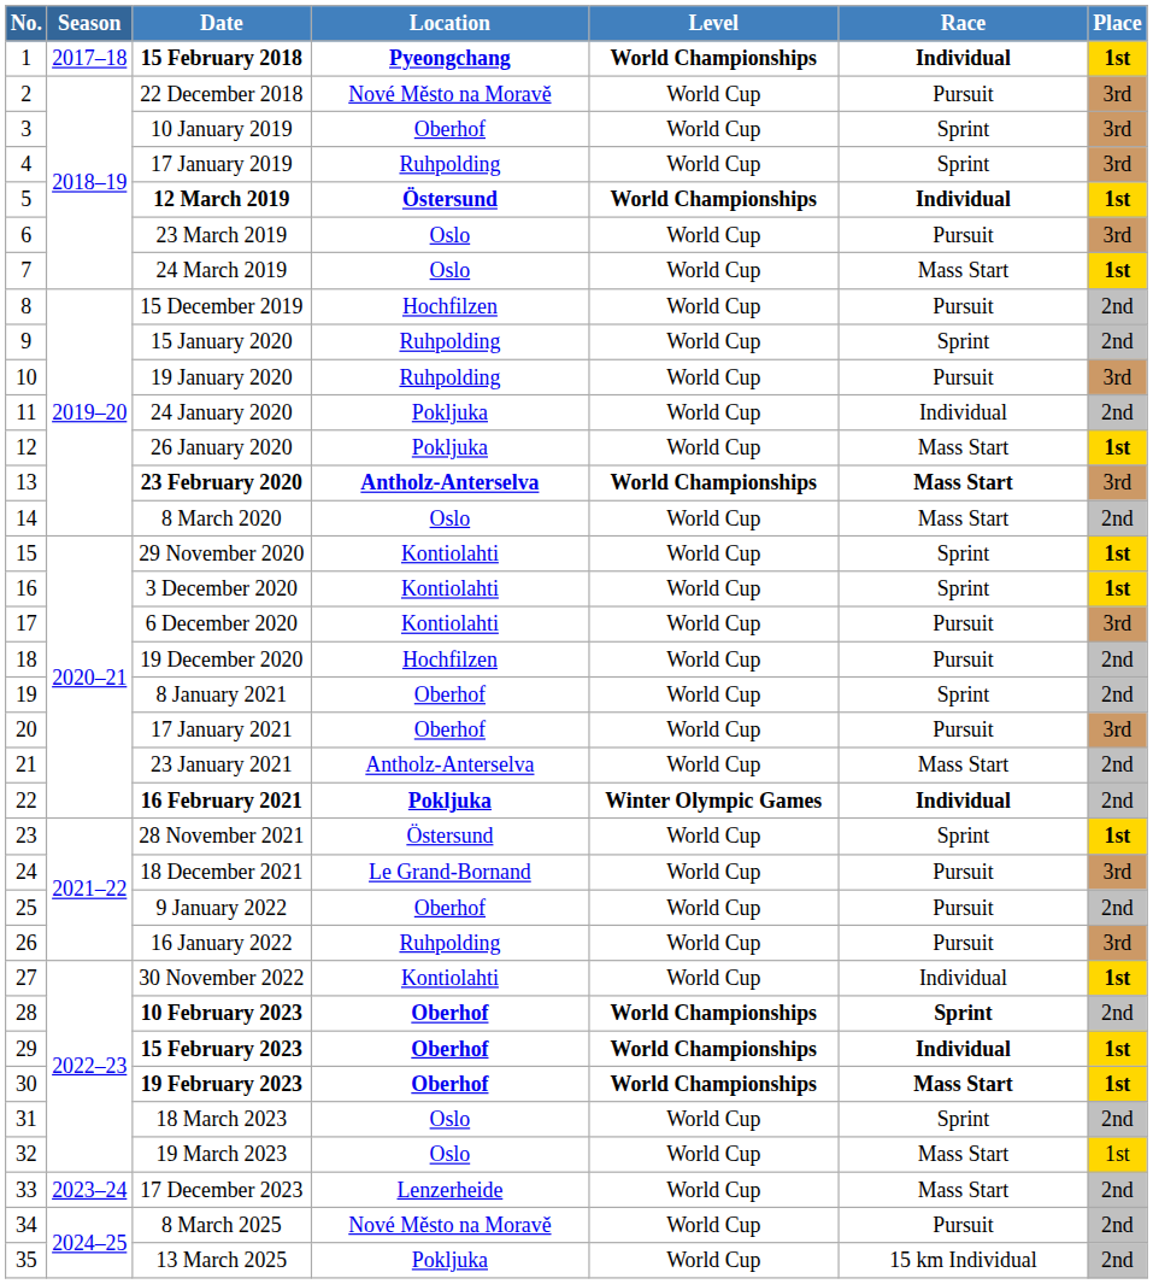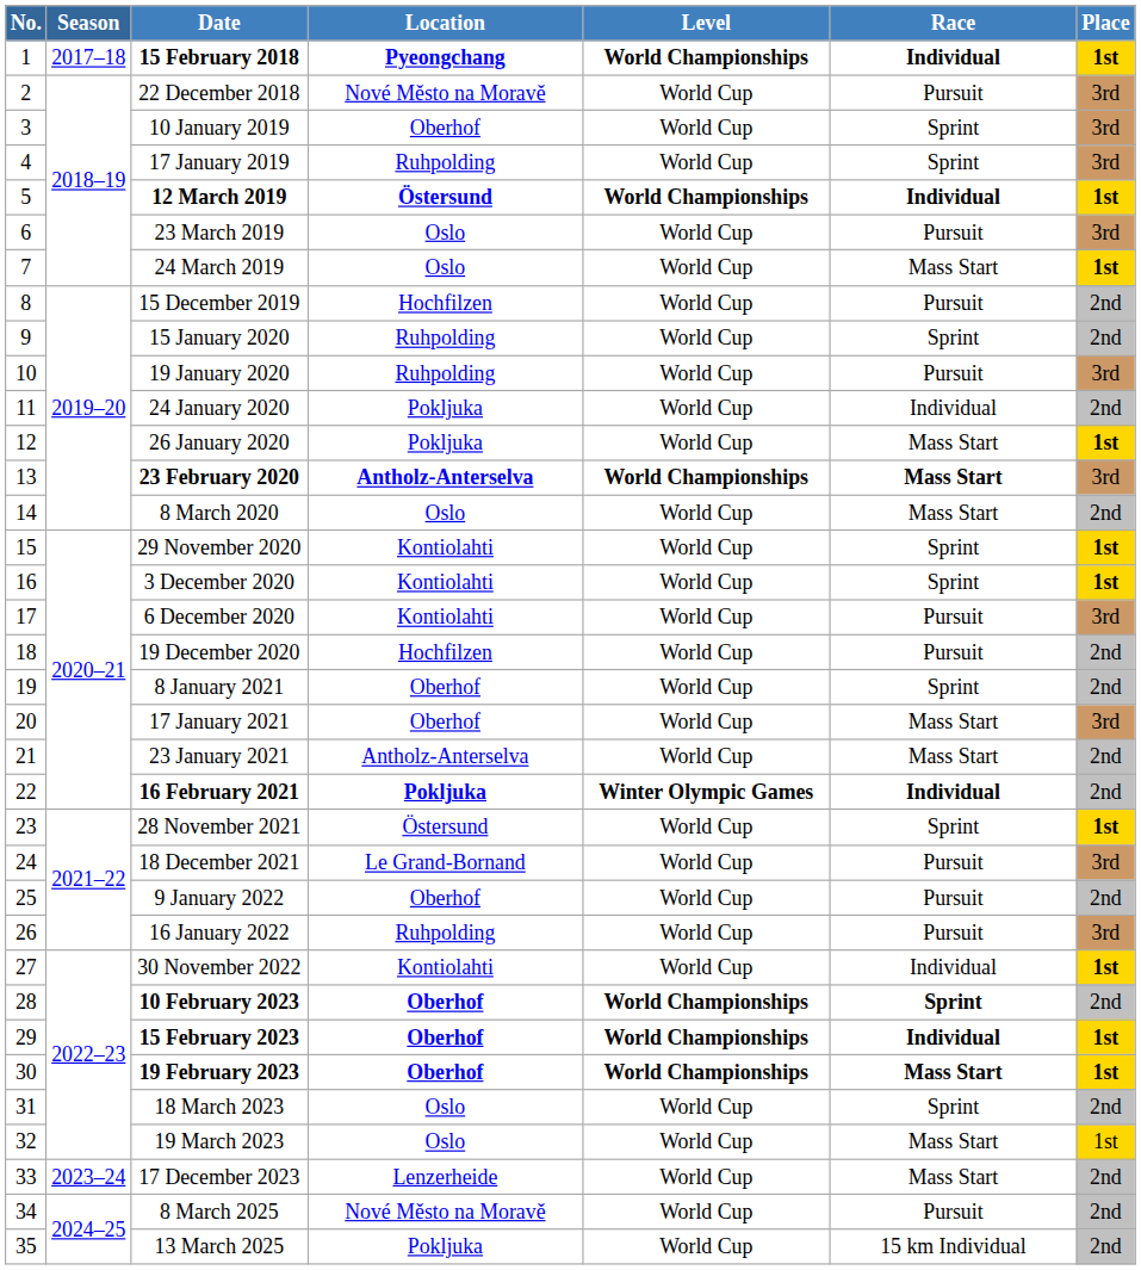 <table class="wikitable sortable" style="font-size:95%; text-align:center; border:grey solid 1px; border-collapse:collapse; background:#ffffff;">
 <tr style="background:#efefef;">
 <th style="background-color:#369; color:white;">No.</th>
 <th style="background-color:#369; color:white;">Season</th>
 <th style="background-color:#4180be; color:white; width:120px;">Date</th>
 <th style="background-color:#4180be; color:white; width:190px;">Location</th>
 <th style="background-color:#4180be; color:white; width:170px;">Level</th>
 <th style="background-color:#4180be; color:white; width:170px;">Race</th>
 <th style="background-color:#4180be; color:white;">Place</th>
 </tr>
 <tr>
 <td align=center>1</td>
 <td rowspan="1" align="center"><a href='#'>2017–18</a></td>
 <td><strong>15 February 2018</strong></td>
 <td> <strong><a href='#'>Pyeongchang</a></strong></td>
 <td><strong>World Championships</strong></td>
 <td><strong>Individual</strong></td>
 <td align=center bgcolor="gold"><strong>1st</strong></td>
 </tr>
 <tr>
 <td align=center>2</td>
 <td rowspan="6" align="center"><a href='#'>2018–19</a></td>
 <td>22 December 2018</td>
 <td> <a href='#'>Nové Město na Moravě</a></td>
 <td>World Cup</td>
 <td>Pursuit</td>
 <td align=center bgcolor="cc9966">3rd</td>
 </tr>
 <tr>
 <td align=center>3</td>
 <td>10 January 2019</td>
 <td> <a href='#'>Oberhof</a></td>
 <td>World Cup</td>
 <td>Sprint</td>
 <td align=center bgcolor="cc9966">3rd</td>
 </tr>
 <tr>
 <td align=center>4</td>
 <td>17 January 2019</td>
 <td> <a href='#'>Ruhpolding</a></td>
 <td>World Cup</td>
 <td>Sprint</td>
 <td align=center bgcolor="cc9966">3rd</td>
 </tr>
 <tr>
 <td align=center>5</td>
 <td><strong>12 March 2019</strong></td>
 <td> <strong><a href='#'>Östersund</a></strong></td>
 <td><strong>World Championships</strong></td>
 <td><strong>Individual</strong></td>
 <td align=center bgcolor="gold"><strong>1st</strong></td>
 </tr>
 <tr>
 <td align=center>6</td>
 <td>23 March 2019</td>
 <td> <a href='#'>Oslo</a></td>
 <td>World Cup</td>
 <td>Pursuit</td>
 <td align=center bgcolor="cc9966">3rd</td>
 </tr>
 <tr>
 <td align=center>7</td>
 <td>24 March 2019</td>
 <td> <a href='#'>Oslo</a></td>
 <td>World Cup</td>
 <td>Mass Start</td>
 <td align=center bgcolor="gold"><strong>1st</strong></td>
 </tr>
 <tr>
 <td align=center>8</td>
 <td rowspan="7" align="center"><a href='#'>2019–20</a></td>
 <td>15 December 2019</td>
 <td> <a href='#'>Hochfilzen</a></td>
 <td>World Cup</td>
 <td>Pursuit</td>
 <td align=center bgcolor="silver">2nd</td>
 </tr>
 <tr>
 <td align=center>9</td>
 <td>15 January 2020</td>
 <td> <a href='#'>Ruhpolding</a></td>
 <td>World Cup</td>
 <td>Sprint</td>
 <td align=center bgcolor="silver">2nd</td>
 </tr>
 <tr>
 <td align=center>10</td>
 <td>19 January 2020</td>
 <td> <a href='#'>Ruhpolding</a></td>
 <td>World Cup</td>
 <td>Pursuit</td>
 <td align=center bgcolor="cc9966">3rd</td>
 </tr>
 <tr>
 <td align=center>11</td>
 <td>24 January 2020</td>
 <td> <a href='#'>Pokljuka</a></td>
 <td>World Cup</td>
 <td>Individual</td>
 <td align=center bgcolor="silver">2nd</td>
 </tr>
 <tr>
 <td align=center>12</td>
 <td>26 January 2020</td>
 <td> <a href='#'>Pokljuka</a></td>
 <td>World Cup</td>
 <td>Mass Start</td>
 <td align=center bgcolor="gold"><strong>1st</strong></td>
 </tr>
 <tr>
 <td align=center>13</td>
 <td><strong>23 February 2020</strong></td>
 <td> <strong><a href='#'>Antholz-Anterselva</a></strong></td>
 <td><strong>World Championships</strong></td>
 <td><strong>Mass Start</strong></td>
 <td align=center bgcolor="cc9966">3rd</td>
 </tr>
 <tr>
 <td align=center>14</td>
 <td>8 March 2020</td>
 <td> <a href='#'>Oslo</a></td>
 <td>World Cup</td>
 <td>Mass Start</td>
 <td align=center bgcolor="silver">2nd</td>
 </tr>
 <tr>
 <td align=center>15</td>
 <td rowspan="8" align="center"><a href='#'>2020–21</a></td>
 <td>29 November 2020</td>
 <td> <a href='#'>Kontiolahti</a></td>
 <td>World Cup</td>
 <td>Sprint</td>
 <td align=center bgcolor="gold"><strong>1st</strong></td>
 </tr>
 <tr>
 <td align=center>16</td>
 <td>3 December 2020</td>
 <td> <a href='#'>Kontiolahti</a></td>
 <td>World Cup</td>
 <td>Sprint</td>
 <td align=center bgcolor="gold"><strong>1st</strong></td>
 </tr>
 <tr>
 <td align=center>17</td>
 <td>6 December 2020</td>
 <td> <a href='#'>Kontiolahti</a></td>
 <td>World Cup</td>
 <td>Pursuit</td>
 <td align=center bgcolor="cc9966">3rd</td>
 </tr>
 <tr>
 <td align=center>18</td>
 <td>19 December 2020</td>
 <td> <a href='#'>Hochfilzen</a></td>
 <td>World Cup</td>
 <td>Pursuit</td>
 <td align=center bgcolor="silver">2nd</td>
 </tr>
 <tr>
 <td align=center>19</td>
 <td>8 January 2021</td>
 <td> <a href='#'>Oberhof</a></td>
 <td>World Cup</td>
 <td>Sprint</td>
 <td align=center bgcolor="silver">2nd</td>
 </tr>
 <tr>
 <td align=center>20</td>
 <td>17 January 2021</td>
 <td> <a href='#'>Oberhof</a></td>
 <td>World Cup</td>
-<td>Pursuit</td>
+<td>Mass Start</td>
 <td align=center bgcolor="cc9966">3rd</td>
 </tr>
 <tr>
 <td align=center>21</td>
 <td>23 January 2021</td>
 <td> <a href='#'>Antholz-Anterselva</a></td>
 <td>World Cup</td>
 <td>Mass Start</td>
 <td align=center bgcolor="silver">2nd</td>
 </tr>
 <tr>
 <td align=center>22</td>
 <td><strong>16 February 2021</strong></td>
 <td> <strong><a href='#'>Pokljuka</a></strong></td>
 <td><strong>Winter Olympic Games</strong></td>
 <td><strong>Individual</strong></td>
 <td align=center bgcolor="silver">2nd</td>
 </tr>
 <tr>
 <td align=center>23</td>
 <td rowspan="4" align="center"><a href='#'>2021–22</a></td>
 <td>28 November 2021</td>
 <td> <a href='#'>Östersund</a></td>
 <td>World Cup</td>
 <td>Sprint</td>
 <td align=center bgcolor="gold"><strong>1st</strong></td>
 </tr>
 <tr>
 <td align=center>24</td>
 <td>18 December 2021</td>
 <td> <a href='#'>Le Grand-Bornand</a></td>
 <td>World Cup</td>
 <td>Pursuit</td>
 <td align=center bgcolor="cc9966">3rd</td>
 </tr>
 <tr>
 <td align=center>25</td>
 <td>9 January 2022</td>
 <td> <a href='#'>Oberhof</a></td>
 <td>World Cup</td>
 <td>Pursuit</td>
 <td align=center bgcolor="silver">2nd</td>
 </tr>
 <tr>
 <td align=center>26</td>
 <td>16 January 2022</td>
 <td> <a href='#'>Ruhpolding</a></td>
 <td>World Cup</td>
 <td>Pursuit</td>
 <td align=center bgcolor="cc9966">3rd</td>
 </tr>
 <tr>
 <td align=center>27</td>
 <td rowspan="6" align="center"><a href='#'>2022–23</a></td>
 <td>30 November 2022</td>
 <td> <a href='#'>Kontiolahti</a></td>
 <td>World Cup</td>
 <td>Individual</td>
 <td align=center bgcolor="gold"><strong>1st</strong></td>
 </tr>
 <tr>
 <td align=center>28</td>
 <td><strong>10 February 2023</strong></td>
 <td> <strong><a href='#'>Oberhof</a></strong></td>
 <td><strong>World Championships</strong></td>
 <td><strong>Sprint</strong></td>
 <td align=center bgcolor="silver">2nd</td>
 </tr>
 <tr>
 <td align=center>29</td>
 <td><strong>15 February 2023</strong></td>
 <td> <strong><a href='#'>Oberhof</a></strong></td>
 <td><strong>World Championships</strong></td>
 <td><strong>Individual</strong></td>
 <td align=center bgcolor="gold"><strong>1st</strong></td>
 </tr>
 <tr>
 <td align=center>30</td>
 <td><strong>19 February 2023</strong></td>
 <td> <strong><a href='#'>Oberhof</a></strong></td>
 <td><strong>World Championships</strong></td>
 <td><strong>Mass Start</strong></td>
 <td align=center bgcolor="gold"><strong>1st</strong></td>
 </tr>
 <tr>
 <td align=center>31</td>
 <td>18 March 2023</td>
 <td> <a href='#'>Oslo</a></td>
 <td>World Cup</td>
 <td>Sprint</td>
 <td align=center bgcolor="silver">2nd</td>
 </tr>
 <tr>
 <td align=center>32</td>
 <td>19 March 2023</td>
 <td> <a href='#'>Oslo</a></td>
 <td>World Cup</td>
 <td>Mass Start</td>
 <td align=center bgcolor="gold">1st</td>
 </tr>
 <tr>
 <td align=center>33</td>
 <td rowspan="1" align="center"><a href='#'>2023–24</a></td>
 <td>17 December 2023</td>
 <td> <a href='#'>Lenzerheide</a></td>
 <td>World Cup</td>
 <td>Mass Start</td>
 <td align=center bgcolor="silver">2nd</td>
 </tr>
 <tr>
 <td align=center>34</td>
 <td rowspan="2" align="center"><a href='#'>2024–25</a></td>
 <td>8 March 2025</td>
 <td> <a href='#'>Nové Město na Moravě</a></td>
 <td>World Cup</td>
 <td>Pursuit</td>
 <td align=center bgcolor="silver">2nd</td>
 </tr>
 <tr>
 <td align=center>35</td>
 <td>13 March 2025</td>
 <td> <a href='#'>Pokljuka</a></td>
 <td>World Cup</td>
 <td>15 km Individual</td>
 <td align=center bgcolor="silver">2nd</td>
 </tr>
 </table>
